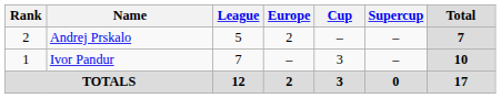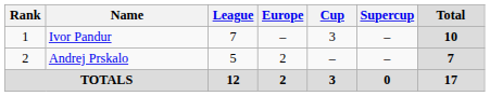 <table class="wikitable" style="font-size: 95%; text-align: center;">
 <tr>
 <th width=40>Rank</th>
 <th width=180>Name</th>
 <th width=50><a href='#'>League</a></th>
 <th width=50><a href='#'>Europe</a></th>
 <th width=50><a href='#'>Cup</a></th>
 <th width=50><a href='#'>Supercup</a></th>
 <th width=70 style="background: #DCDCDC">Total</th>
 </tr>
 <tr>
+<td rowspan=1>1</td>
+<td style="text-align:left;"> <a href='#'>Ivor Pandur</a></td>
+<td>7</td>
+<td>–</td>
+<td>3</td>
+<td>–</td>
+<th style="background: #DCDCDC">10</th>
+</tr>
+<tr>
 <td rowspan=1>2</td>
 <td style="text-align:left;"> <a href='#'>Andrej Prskalo</a></td>
 <td>5</td>
 <td>2</td>
 <td>–</td>
 <td>–</td>
 <th style="background: #DCDCDC">7</th>
-</tr>
-<tr>
-<td rowspan=1>1</td>
-<td style="text-align:left;"> <a href='#'>Ivor Pandur</a></td>
-<td>7</td>
-<td>–</td>
-<td>3</td>
-<td>–</td>
-<th style="background: #DCDCDC">10</th>
 </tr>
 <tr>
 <th colspan="2" align="center" style="background: #DCDCDC">TOTALS</th>
 <th style="background: #DCDCDC">12</th>
 <th style="background: #DCDCDC">2</th>
 <th style="background: #DCDCDC">3</th>
 <th style="background: #DCDCDC">0</th>
 <th style="background: #DCDCDC">17</th>
 </tr>
 </table>
